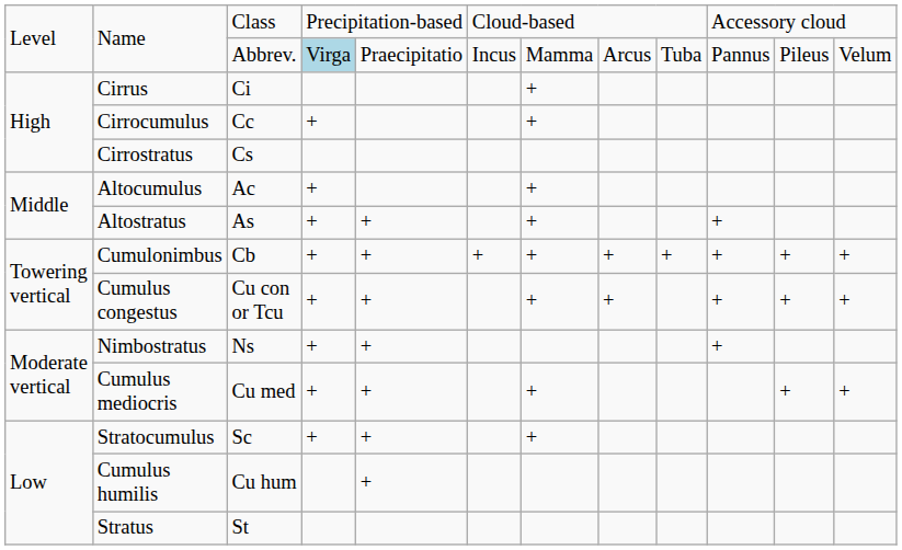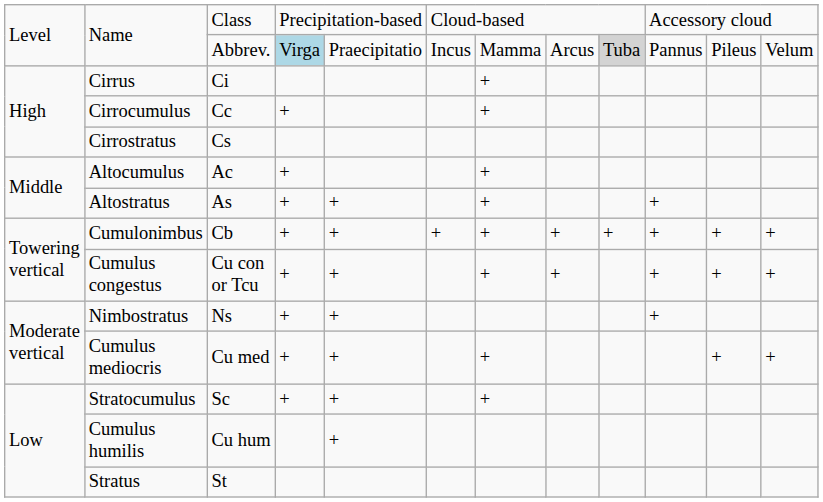 <table class="wikitable" style="font-size: 85%;">
 <tr>
 <td rowspan=2>Level</td>
 <td rowspan=2>Name</td>
 <td>Class</td>
 <td colspan="2">Precipitation-based</td>
 <td colspan="4">Cloud-based</td>
 <td colspan="3">Accessory cloud</td>
 </tr>
 <tr>
 <td>Abbrev.</td>
 <td style="background: lightblue;">Virga</td>
 <td>Praecipitatio</td>
 <td>Incus</td>
 <td>Mamma</td>
 <td>Arcus</td>
-<td>Tuba</td>
+<td style="background: lightgrey;">Tuba</td>
 <td>Pannus</td>
 <td>Pileus</td>
 <td>Velum</td>
 </tr>
 <tr>
 <td rowspan="3">High</td>
 <td>Cirrus</td>
 <td>Ci</td>
 <td></td>
 <td></td>
 <td></td>
 <td>+</td>
 <td></td>
 <td></td>
 <td></td>
 <td></td>
 <td></td>
 </tr>
 <tr>
 <td>Cirrocumulus</td>
 <td>Cc</td>
 <td>+</td>
 <td></td>
 <td></td>
 <td>+</td>
 <td></td>
 <td></td>
 <td></td>
 <td></td>
 <td></td>
 </tr>
 <tr>
 <td>Cirrostratus</td>
 <td>Cs</td>
 <td></td>
 <td></td>
 <td></td>
 <td></td>
 <td></td>
 <td></td>
 <td></td>
 <td></td>
 <td></td>
 </tr>
 <tr>
 <td rowspan="2">Middle</td>
 <td>Altocumulus</td>
 <td>Ac</td>
 <td>+</td>
 <td></td>
 <td></td>
 <td>+</td>
 <td></td>
 <td></td>
 <td></td>
 <td></td>
 <td></td>
 </tr>
 <tr>
 <td>Altostratus</td>
 <td>As</td>
 <td>+</td>
 <td>+</td>
 <td></td>
 <td>+</td>
 <td></td>
 <td></td>
 <td>+</td>
 <td></td>
 <td></td>
 </tr>
 <tr>
 <td rowspan="2">Towering<br>vertical</td>
 <td>Cumulonimbus</td>
 <td>Cb</td>
 <td>+</td>
 <td>+</td>
 <td>+</td>
 <td>+</td>
 <td>+</td>
 <td>+</td>
 <td>+</td>
 <td>+</td>
 <td>+</td>
 </tr>
 <tr>
 <td>Cumulus<br>congestus</td>
 <td>Cu con<br> or Tcu</td>
 <td>+</td>
 <td>+</td>
 <td></td>
 <td>+</td>
 <td>+</td>
 <td></td>
 <td>+</td>
 <td>+</td>
 <td>+</td>
 </tr>
 <tr>
 <td rowspan="2">Moderate<br>vertical</td>
 <td>Nimbostratus</td>
 <td>Ns</td>
 <td>+</td>
 <td>+</td>
 <td></td>
 <td></td>
 <td></td>
 <td></td>
 <td>+</td>
 <td></td>
 <td></td>
 </tr>
 <tr>
 <td>Cumulus<br>mediocris</td>
 <td>Cu med</td>
 <td>+</td>
 <td>+</td>
 <td></td>
 <td>+</td>
 <td></td>
 <td></td>
 <td></td>
 <td>+</td>
 <td>+</td>
 </tr>
 <tr>
 <td rowspan="3">Low</td>
 <td>Stratocumulus</td>
 <td>Sc</td>
 <td>+</td>
 <td>+</td>
 <td></td>
 <td>+</td>
 <td></td>
 <td></td>
 <td></td>
 <td></td>
 <td></td>
 </tr>
 <tr>
 <td>Cumulus<br> humilis</td>
 <td>Cu hum</td>
 <td></td>
 <td>+</td>
 <td></td>
 <td></td>
 <td></td>
 <td></td>
 <td></td>
 <td></td>
 <td></td>
 </tr>
 <tr>
 <td>Stratus</td>
 <td>St</td>
 <td></td>
 <td></td>
 <td></td>
 <td></td>
 <td></td>
 <td></td>
 <td></td>
 <td></td>
 <td></td>
 </tr>
 </table>
